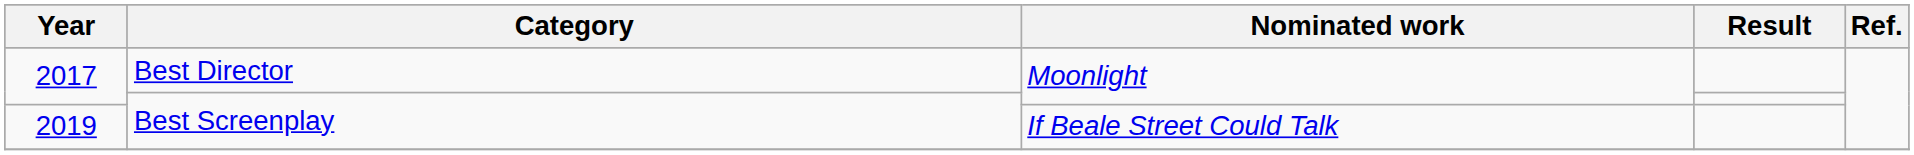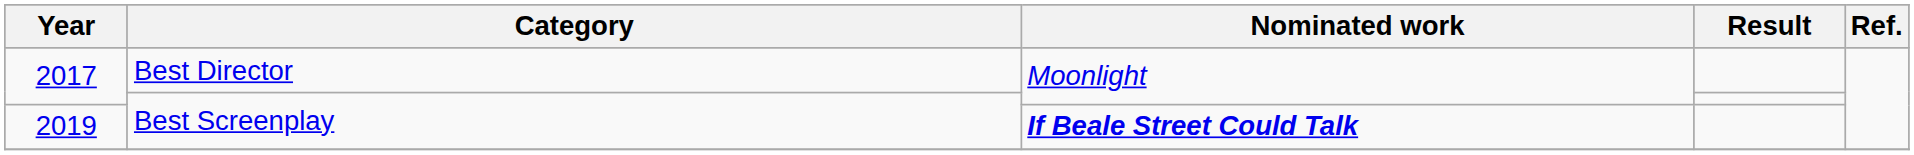 <table class=wikitable>
 <tr>
 <th scope="col" style="width:4em;">Year</th>
 <th scope="col" style="width:32em;">Category</th>
 <th scope="col" style="width:24em;">Nominated work</th>
 <th scope="col" style="width:5em;">Result</th>
 <th>Ref.</th>
 </tr>
 <tr>
 <td style="text-align:center;", rowspan="2"><a href='#'>2017</a></td>
 <td><a href='#'>Best Director</a></td>
 <td rowspan="2"><em><a href='#'>Moonlight</a></em></td>
 <td></td>
 <td rowspan="3"></td>
 </tr>
 <tr>
 <td rowspan="2"><a href='#'>Best Screenplay</a></td>
 <td></td>
 </tr>
 <tr>
 <td align="center"><a href='#'>2019</a></td>
-<td><em><a href='#'>If Beale Street Could Talk</a></em></td>
+<td><strong><em><a href='#'>If Beale Street Could Talk</a></em></strong></td>
 <td></td>
 </tr>
 <tr>
 </tr>
 </table>
